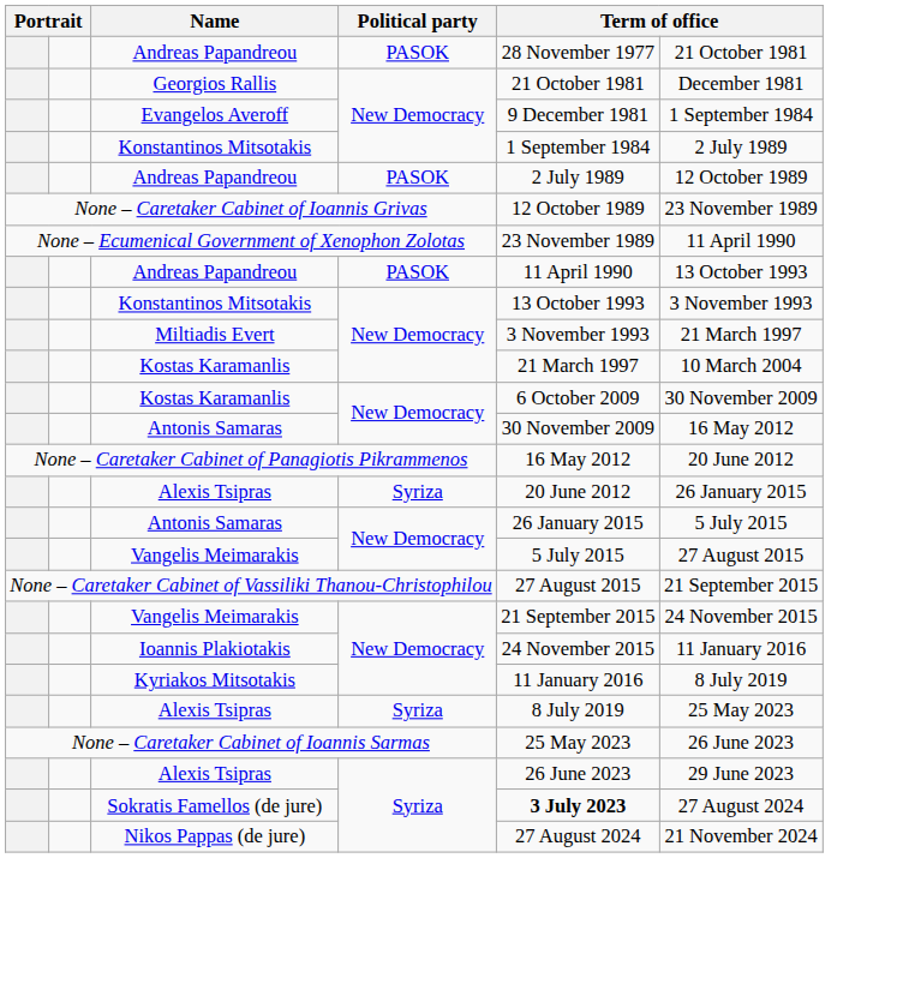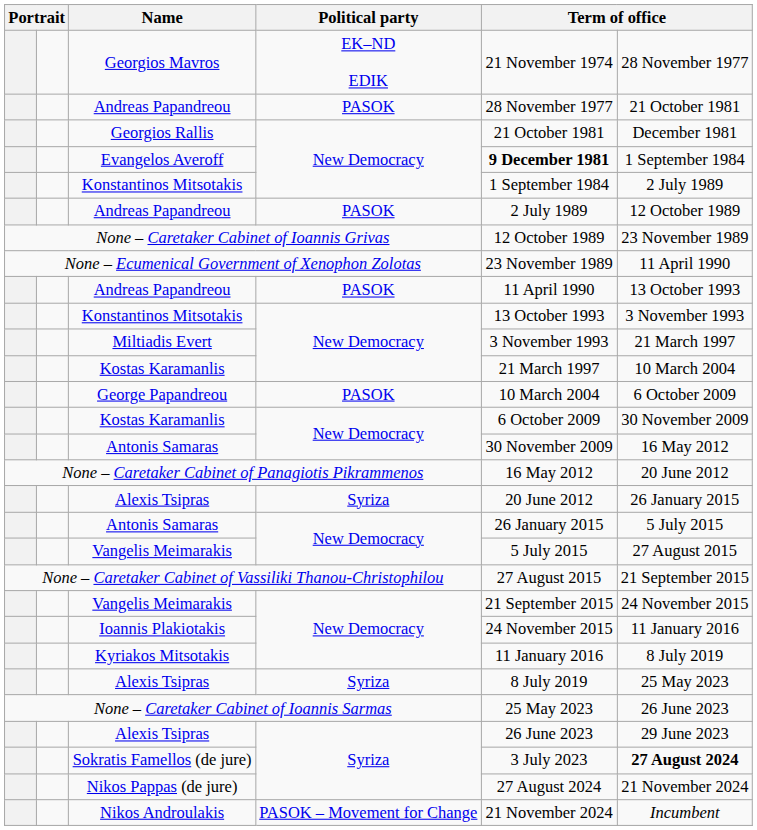 <table class="wikitable" style="text-align:center;">
 <tr>
 <th colspan=2>Portrait</th>
 <th>Name</th>
 <th>Political party</th>
 <th colspan=2>Term of office</th>
+</tr>
+<tr>
+<th style="background:"></th>
+<td></td>
+<td><a href='#'>Georgios Mavros</a></td>
+<td><a href='#'>EK–ND</a><br><br><a href='#'>EDIK</a></td>
+<td>21 November 1974</td>
+<td>28 November 1977</td>
 </tr>
 <tr>
 <th style="background:"></th>
 <td></td>
 <td><a href='#'>Andreas Papandreou</a></td>
 <td><a href='#'>PASOK</a></td>
 <td>28 November 1977</td>
 <td>21 October 1981</td>
 </tr>
 <tr>
 <th style="background:"></th>
 <td></td>
 <td><a href='#'>Georgios Rallis</a></td>
 <td rowspan="3"><a href='#'>New Democracy</a></td>
 <td>21 October 1981</td>
 <td>December 1981</td>
 </tr>
 <tr>
 <th style="background:"></th>
 <td></td>
 <td><a href='#'>Evangelos Averoff</a></td>
-<td>9 December 1981</td>
+<td><strong>9 December 1981</strong></td>
 <td>1 September 1984</td>
 </tr>
 <tr>
 <th style="background:"></th>
 <td></td>
 <td><a href='#'>Konstantinos Mitsotakis</a></td>
 <td>1 September 1984</td>
 <td>2 July 1989</td>
 </tr>
 <tr>
 <th style="background:"></th>
 <td></td>
 <td><a href='#'>Andreas Papandreou</a></td>
 <td><a href='#'>PASOK</a></td>
 <td>2 July 1989</td>
 <td>12 October 1989</td>
 </tr>
 <tr>
 <td colspan=4><em>None – <a href='#'>Caretaker Cabinet of Ioannis Grivas</a></em></td>
 <td>12 October 1989</td>
 <td>23 November 1989</td>
 </tr>
 <tr>
 <td colspan=4><em>None – <a href='#'>Ecumenical Government of Xenophon Zolotas</a></em></td>
 <td>23 November 1989</td>
 <td>11 April 1990</td>
 </tr>
 <tr>
 <th style="background:"></th>
 <td></td>
 <td><a href='#'>Andreas Papandreou</a></td>
 <td><a href='#'>PASOK</a></td>
 <td>11 April 1990</td>
 <td>13 October 1993</td>
 </tr>
 <tr>
 <th style="background:"></th>
 <td></td>
 <td><a href='#'>Konstantinos Mitsotakis</a></td>
 <td rowspan="3"><a href='#'>New Democracy</a></td>
 <td>13 October 1993</td>
 <td>3 November 1993</td>
 </tr>
 <tr>
 <th style="background:"></th>
 <td></td>
 <td><a href='#'>Miltiadis Evert</a></td>
 <td>3 November 1993</td>
 <td>21 March 1997</td>
 </tr>
 <tr>
 <th style="background:"></th>
 <td></td>
 <td><a href='#'>Kostas Karamanlis</a></td>
 <td>21 March 1997</td>
 <td>10 March 2004</td>
+</tr>
+<tr>
+<th style="background:"></th>
+<td></td>
+<td><a href='#'>George Papandreou</a></td>
+<td><a href='#'>PASOK</a></td>
+<td>10 March 2004</td>
+<td>6 October 2009</td>
 </tr>
 <tr>
 <th style="background:"></th>
 <td></td>
 <td><a href='#'>Kostas Karamanlis</a></td>
 <td rowspan="2"><a href='#'>New Democracy</a></td>
 <td>6 October 2009</td>
 <td>30 November 2009</td>
 </tr>
 <tr>
 <th style="background:"></th>
 <td></td>
 <td><a href='#'>Antonis Samaras</a></td>
 <td>30 November 2009</td>
 <td>16 May 2012</td>
 </tr>
 <tr>
 <td colspan=4><em>None – <a href='#'>Caretaker Cabinet of Panagiotis Pikrammenos</a></em></td>
 <td>16 May 2012</td>
 <td>20 June 2012</td>
 </tr>
 <tr>
 <th style="background:"></th>
 <td></td>
 <td><a href='#'>Alexis Tsipras</a></td>
 <td><a href='#'>Syriza</a></td>
 <td>20 June 2012</td>
 <td>26 January 2015</td>
 </tr>
 <tr>
 <th style="background:"></th>
 <td></td>
 <td><a href='#'>Antonis Samaras</a></td>
 <td rowspan="2"><a href='#'>New Democracy</a></td>
 <td>26 January 2015</td>
 <td>5 July 2015</td>
 </tr>
 <tr>
 <th style="background:"></th>
 <td></td>
 <td><a href='#'>Vangelis Meimarakis</a><br></td>
 <td>5 July 2015</td>
 <td>27 August 2015</td>
 </tr>
 <tr>
 <td colspan=4><em>None – <a href='#'>Caretaker Cabinet of Vassiliki Thanou-Christophilou</a></em></td>
 <td>27 August 2015</td>
 <td>21 September 2015</td>
 </tr>
 <tr>
 <th style="background:"></th>
 <td></td>
 <td><a href='#'>Vangelis Meimarakis</a><br></td>
 <td rowspan="3"><a href='#'>New Democracy</a></td>
 <td>21 September 2015</td>
 <td>24 November 2015</td>
 </tr>
 <tr>
 <th style="background:"></th>
 <td></td>
 <td><a href='#'>Ioannis Plakiotakis</a><br></td>
 <td>24 November 2015</td>
 <td>11 January 2016</td>
 </tr>
 <tr>
 <th style="background:"></th>
 <td></td>
 <td><a href='#'>Kyriakos Mitsotakis</a></td>
 <td>11 January 2016</td>
 <td>8 July 2019</td>
 </tr>
 <tr>
 <th style="background:"></th>
 <td></td>
 <td><a href='#'>Alexis Tsipras</a></td>
 <td><a href='#'>Syriza</a></td>
 <td>8 July 2019</td>
 <td>25 May 2023</td>
 </tr>
 <tr>
 <td colspan=4><em>None – <a href='#'>Caretaker Cabinet of Ioannis Sarmas</a></em></td>
 <td>25 May 2023</td>
 <td>26 June 2023</td>
 </tr>
 <tr>
 <th style="background:"></th>
 <td></td>
 <td><a href='#'>Alexis Tsipras</a></td>
 <td rowspan="3"><a href='#'>Syriza</a></td>
 <td>26 June 2023</td>
 <td>29 June 2023</td>
 </tr>
 <tr>
 <th style="background:"></th>
 <td></td>
 <td><a href='#'>Sokratis Famellos</a> (de jure)</td>
-<td><strong>3 July 2023</strong></td>
-<td>27 August 2024</td>
+<td>3 July 2023</td>
+<td><strong>27 August 2024</strong></td>
 </tr>
 <tr>
 <th style="background:"></th>
 <td></td>
 <td><a href='#'>Nikos Pappas</a> (de jure)</td>
 <td>27 August 2024</td>
 <td>21 November 2024</td>
 </tr>
+<tr>
+<th style="background:"></th>
+<td></td>
+<td><a href='#'>Nikos Androulakis</a></td>
+<td><a href='#'>PASOK – Movement for Change</a></td>
+<td>21 November 2024</td>
+<td><em>Incumbent</em></td>
+</tr>
 </table>
